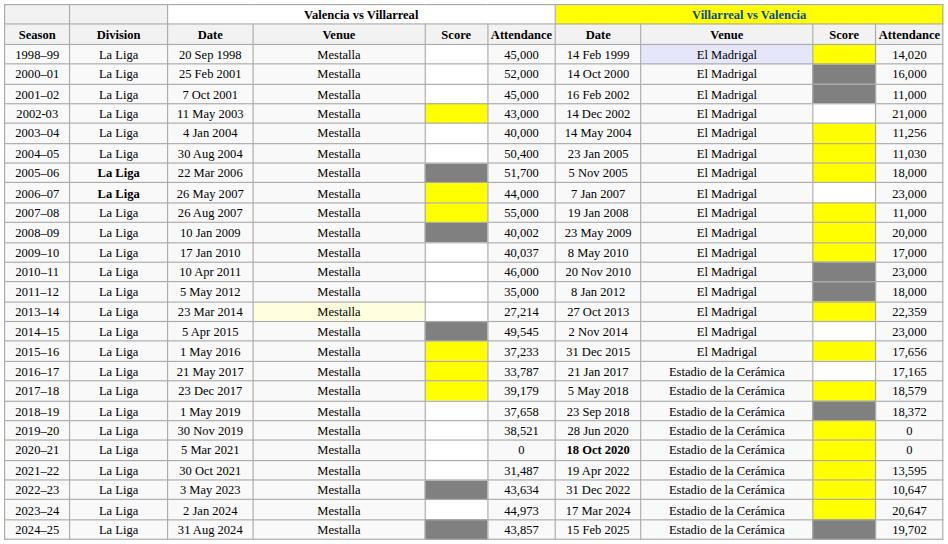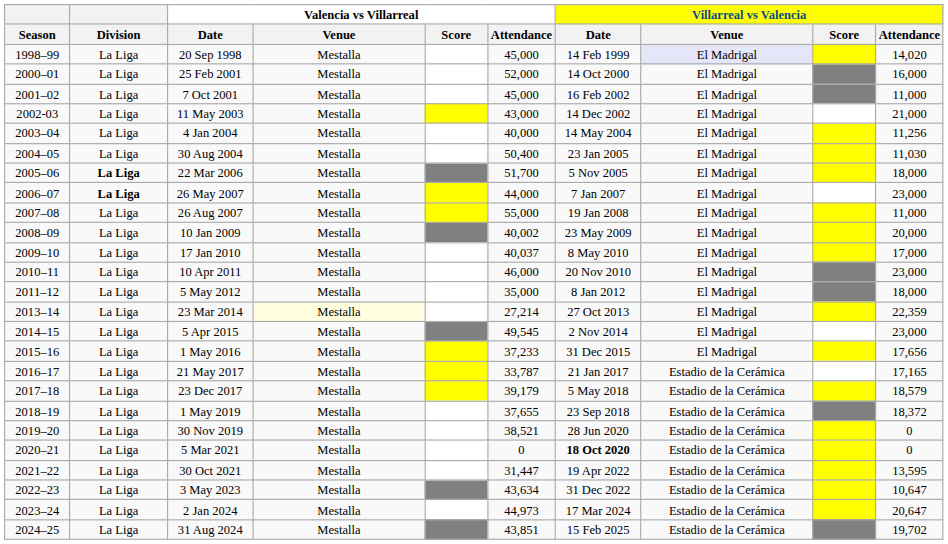 <table class="wikitable" style="text-align: center; font-size: 11px">
 <tr bgcolor=#f5f5f5>
 <th></th>
 <th></th>
 <th colspan=4 style="background:#FFFFFF; color:#000000">Valencia vs Villarreal</th>
 <th colspan=4 style="background:#ffff00; color:#084B8A">Villarreal vs Valencia</th>
 </tr>
 <tr>
 <th width="52">Season</th>
 <th width="80">Division</th>
 <th width="70">Date</th>
 <th width="145">Venue</th>
 <th width="50">Score</th>
 <th width="40">Attendance</th>
 <th width="70">Date</th>
 <th width="145">Venue</th>
 <th width="50">Score</th>
 <th width="40">Attendance</th>
 </tr>
 <tr>
 <td>1998–99</td>
 <td>La Liga</td>
 <td>20 Sep 1998</td>
 <td>Mestalla</td>
 <td bgcolor=FFFFFF></td>
 <td>45,000</td>
 <td>14 Feb 1999</td>
 <td style="background: lavender;">El Madrigal</td>
 <td bgcolor=FFFF00></td>
 <td>14,020</td>
 </tr>
 <tr>
 <td>2000–01</td>
 <td>La Liga</td>
 <td>25 Feb 2001</td>
 <td>Mestalla</td>
 <td bgcolor=FFFFFF></td>
 <td>52,000</td>
 <td>14 Oct 2000</td>
 <td>El Madrigal</td>
 <td bgcolor=808080></td>
 <td>16,000</td>
 </tr>
 <tr>
 <td>2001–02</td>
 <td>La Liga</td>
 <td>7 Oct 2001</td>
 <td>Mestalla</td>
 <td bgcolor=FFFFFF></td>
 <td>45,000</td>
 <td>16 Feb 2002</td>
 <td>El Madrigal</td>
 <td bgcolor=808080></td>
 <td>11,000</td>
 </tr>
 <tr>
 <td>2002-03</td>
 <td>La Liga</td>
 <td>11 May 2003</td>
 <td>Mestalla</td>
 <td bgcolor=FFFF00></td>
 <td>43,000</td>
 <td>14 Dec 2002</td>
 <td>El Madrigal</td>
 <td bgcolor=FFFFFF></td>
 <td>21,000</td>
 </tr>
 <tr>
 <td>2003–04</td>
 <td>La Liga</td>
 <td>4 Jan 2004</td>
 <td>Mestalla</td>
 <td bgcolor=FFFFFF></td>
 <td>40,000</td>
 <td>14 May 2004</td>
 <td>El Madrigal</td>
 <td bgcolor=FFFF00></td>
 <td>11,256</td>
 </tr>
 <tr>
 <td>2004–05</td>
 <td>La Liga</td>
 <td>30 Aug 2004</td>
 <td>Mestalla</td>
 <td bgcolor=FFFFFF></td>
 <td>50,400</td>
 <td>23 Jan 2005</td>
 <td>El Madrigal</td>
 <td bgcolor=FFFF00></td>
 <td>11,030</td>
 </tr>
 <tr>
 <td>2005–06</td>
 <td><strong>La Liga</strong></td>
 <td>22 Mar 2006</td>
 <td>Mestalla</td>
 <td bgcolor=808080></td>
 <td>51,700</td>
 <td>5 Nov 2005</td>
 <td>El Madrigal</td>
 <td bgcolor=FFFF00></td>
 <td>18,000</td>
 </tr>
 <tr>
 <td>2006–07</td>
 <td><strong>La Liga</strong></td>
 <td>26 May 2007</td>
 <td>Mestalla</td>
 <td bgcolor=FFFF00></td>
 <td>44,000</td>
 <td>7 Jan 2007</td>
 <td>El Madrigal</td>
 <td bgcolor=FFFFFF></td>
 <td>23,000</td>
 </tr>
 <tr>
 <td>2007–08</td>
 <td>La Liga</td>
 <td>26 Aug 2007</td>
 <td>Mestalla</td>
 <td bgcolor=FFFF00></td>
 <td>55,000</td>
 <td>19 Jan 2008</td>
 <td>El Madrigal</td>
 <td bgcolor=FFFF00></td>
 <td>11,000</td>
 </tr>
 <tr>
 <td>2008–09</td>
 <td>La Liga</td>
 <td>10 Jan 2009</td>
 <td>Mestalla</td>
 <td bgcolor=808080></td>
 <td>40,002</td>
 <td>23 May 2009</td>
 <td>El Madrigal</td>
 <td bgcolor=FFFF00></td>
 <td>20,000</td>
 </tr>
 <tr>
 <td>2009–10</td>
 <td>La Liga</td>
 <td>17 Jan 2010</td>
 <td>Mestalla</td>
 <td bgcolor=FFFFFF></td>
 <td>40,037</td>
 <td>8 May 2010</td>
 <td>El Madrigal</td>
 <td bgcolor=FFFF00></td>
 <td>17,000</td>
 </tr>
 <tr>
 <td>2010–11</td>
 <td>La Liga</td>
 <td>10 Apr 2011</td>
 <td>Mestalla</td>
 <td bgcolor=FFFFFF></td>
 <td>46,000</td>
 <td>20 Nov 2010</td>
 <td>El Madrigal</td>
 <td bgcolor=808080></td>
 <td>23,000</td>
 </tr>
 <tr>
 <td>2011–12</td>
 <td>La Liga</td>
 <td>5 May 2012</td>
 <td>Mestalla</td>
 <td bgcolor=FFFFFF></td>
 <td>35,000</td>
 <td>8 Jan 2012</td>
 <td>El Madrigal</td>
 <td bgcolor=808080></td>
 <td>18,000</td>
 </tr>
 <tr>
 <td>2013–14</td>
 <td>La Liga</td>
 <td>23 Mar 2014</td>
 <td style="background: lightyellow;">Mestalla</td>
 <td bgcolor=FFFFFF></td>
 <td>27,214</td>
 <td>27 Oct 2013</td>
 <td>El Madrigal</td>
 <td bgcolor=FFFF00></td>
 <td>22,359</td>
 </tr>
 <tr>
 <td>2014–15</td>
 <td>La Liga</td>
 <td>5 Apr 2015</td>
 <td>Mestalla</td>
 <td bgcolor=808080></td>
 <td>49,545</td>
 <td>2 Nov 2014</td>
 <td>El Madrigal</td>
 <td bgcolor=FFFFFF></td>
 <td>23,000</td>
 </tr>
 <tr>
 <td>2015–16</td>
 <td>La Liga</td>
 <td>1 May 2016</td>
 <td>Mestalla</td>
 <td bgcolor=FFFF00></td>
 <td>37,233</td>
 <td>31 Dec 2015</td>
 <td>El Madrigal</td>
 <td bgcolor=FFFF00></td>
 <td>17,656</td>
 </tr>
 <tr>
 <td>2016–17</td>
 <td>La Liga</td>
 <td>21 May 2017</td>
 <td>Mestalla</td>
 <td bgcolor=FFFF00></td>
 <td>33,787</td>
 <td>21 Jan 2017</td>
 <td>Estadio de la Cerámica</td>
 <td bgcolor=FFFFFF></td>
 <td>17,165</td>
 </tr>
 <tr>
 <td>2017–18</td>
 <td>La Liga</td>
 <td>23 Dec 2017</td>
 <td>Mestalla</td>
 <td bgcolor=FFFF00></td>
 <td>39,179</td>
 <td>5 May 2018</td>
 <td>Estadio de la Cerámica</td>
 <td bgcolor=FFFF00></td>
 <td>18,579</td>
 </tr>
 <tr>
 <td>2018–19</td>
 <td>La Liga</td>
 <td>1 May 2019</td>
 <td>Mestalla</td>
 <td bgcolor=FFFFFF></td>
-<td>37,658</td>
+<td>37,655</td>
 <td>23 Sep 2018</td>
 <td>Estadio de la Cerámica</td>
 <td bgcolor=808080></td>
 <td>18,372</td>
 </tr>
 <tr>
 <td>2019–20</td>
 <td>La Liga</td>
 <td>30 Nov 2019</td>
 <td>Mestalla</td>
 <td bgcolor=FFFFFF></td>
 <td>38,521</td>
 <td>28 Jun 2020</td>
 <td>Estadio de la Cerámica</td>
 <td bgcolor=FFFF00></td>
 <td>0</td>
 </tr>
 <tr>
 <td>2020–21</td>
 <td>La Liga</td>
 <td>5 Mar 2021</td>
 <td>Mestalla</td>
 <td bgcolor=FFFFFF></td>
 <td>0</td>
 <td><strong>18 Oct 2020</strong></td>
 <td>Estadio de la Cerámica</td>
 <td bgcolor=FFFF00></td>
 <td>0</td>
 </tr>
 <tr>
 <td>2021–22</td>
 <td>La Liga</td>
 <td>30 Oct 2021</td>
 <td>Mestalla</td>
 <td bgcolor=FFFFFF></td>
-<td>31,487</td>
+<td>31,447</td>
 <td>19 Apr 2022</td>
 <td>Estadio de la Cerámica</td>
 <td bgcolor=FFFF00></td>
 <td>13,595</td>
 </tr>
 <tr>
 <td>2022–23</td>
 <td>La Liga</td>
 <td>3 May 2023</td>
 <td>Mestalla</td>
 <td bgcolor=808080></td>
 <td>43,634</td>
 <td>31 Dec 2022</td>
 <td>Estadio de la Cerámica</td>
 <td bgcolor=FFFF00></td>
 <td>10,647</td>
 </tr>
 <tr>
 <td>2023–24</td>
 <td>La Liga</td>
 <td>2 Jan 2024</td>
 <td>Mestalla</td>
 <td bgcolor=FFFFFF></td>
 <td>44,973</td>
 <td>17 Mar 2024</td>
 <td>Estadio de la Cerámica</td>
 <td bgcolor=FFFF00></td>
 <td>20,647</td>
 </tr>
 <tr>
 <td>2024–25</td>
 <td>La Liga</td>
 <td>31 Aug 2024</td>
 <td>Mestalla</td>
 <td bgcolor=808080></td>
-<td>43,857</td>
+<td>43,851</td>
 <td>15 Feb 2025</td>
 <td>Estadio de la Cerámica</td>
 <td bgcolor=808080></td>
 <td>19,702</td>
 </tr>
 </table>
